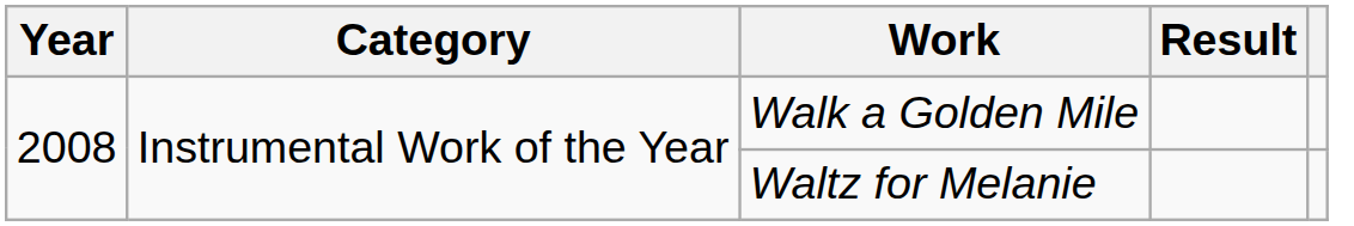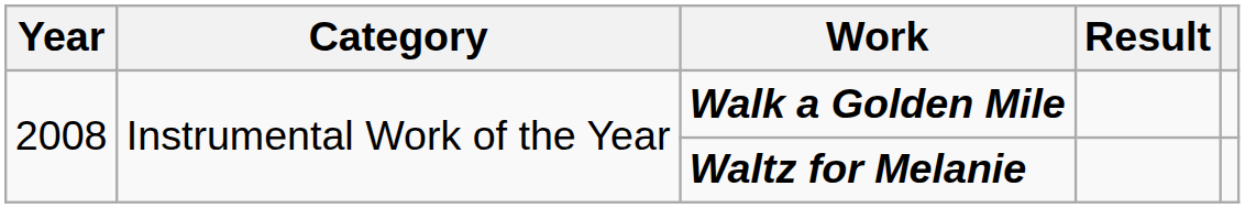 <table class="wikitable">
 <tr>
 <th>Year</th>
 <th>Category</th>
 <th>Work</th>
 <th>Result</th>
 <th></th>
 </tr>
 <tr>
 <td rowspan="2">2008</td>
 <td rowspan="2">Instrumental Work of the Year</td>
-<td><em>Walk a Golden Mile</em></td>
+<td><strong><em>Walk a Golden Mile</em></strong></td>
 <td></td>
 <td></td>
 </tr>
 <tr>
-<td><em>Waltz for Melanie</em></td>
+<td><strong><em>Waltz for Melanie</em></strong></td>
 <td></td>
 <td></td>
 </tr>
 </table>
